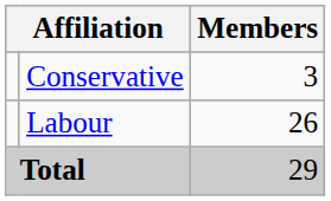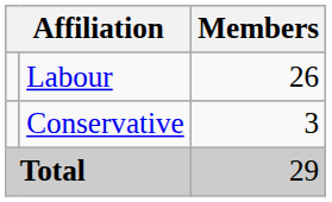 <table class="wikitable">
 <tr>
 <th colspan="2">Affiliation</th>
 <th>Members</th>
 </tr>
 <tr>
 <td></td>
-<td><a href='#'>Conservative</a></td>
-<td style="text-align:right;">3</td>
+<td><a href='#'>Labour</a></td>
+<td style="text-align:right;">26</td>
 </tr>
 <tr>
 <td></td>
-<td><a href='#'>Labour</a></td>
-<td style="text-align:right;">26</td>
+<td><a href='#'>Conservative</a></td>
+<td style="text-align:right;">3</td>
 </tr>
 <tr style="background:#ccc;">
 <td colspan="2"> <strong>Total</strong></td>
 <td style="text-align:right;">29</td>
 </tr>
 </table>
